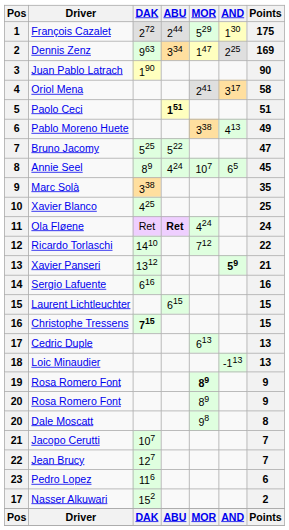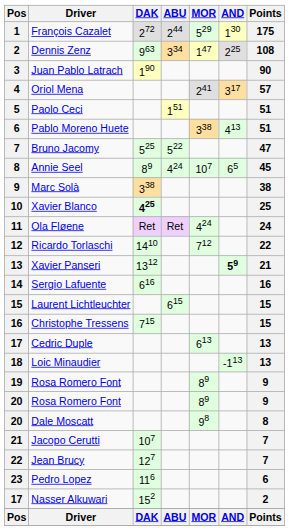 <table class="wikitable" style="font-size: 85%; text-align: center; display: inline-table;">
 <tr valign="top">
 <th valign="middle">Pos</th>
 <th valign="middle">Driver</th>
 <th><a href='#'>DAK</a><br></th>
 <th><a href='#'>ABU</a><br></th>
 <th><a href='#'>MOR</a><br></th>
 <th><a href='#'>AND</a><br></th>
 <th valign="middle">Points</th>
 </tr>
 <tr>
 <th>1</th>
 <td align=left> <a href='#'>François Cazalet</a></td>
 <td style="background:#dfdfdf;">2<sup>72</sup></td>
 <td style="background:#dfdfdf;">2<sup>44</sup></td>
 <td style="background:#dfffdf;">5<sup>29</sup></td>
 <td style="background:#ffffbf;">1<sup>30</sup></td>
 <th>175</th>
 </tr>
 <tr>
 <th>2</th>
 <td align=left> <a href='#'>Dennis Zenz</a></td>
 <td style="background:#dfffdf;">9<sup>63</sup></td>
 <td style="background:#ffdf9f;">3<sup>34</sup></td>
 <td style="background:#ffffbf;">1<sup>47</sup></td>
 <td style="background:#dfdfdf;">2<sup>25</sup></td>
-<th>169</th>
+<th>108</th>
 </tr>
 <tr>
 <th>3</th>
 <td align=left> <a href='#'>Juan Pablo Latrach</a></td>
 <td style="background:#ffffbf;">1<sup>90</sup></td>
 <td></td>
 <td></td>
 <td></td>
 <th>90</th>
 </tr>
 <tr>
 <th>4</th>
 <td align=left> <a href='#'>Oriol Mena</a></td>
 <td></td>
 <td></td>
 <td style="background:#dfdfdf;">2<sup>41</sup></td>
 <td style="background:#ffdf9f;">3<sup>17</sup></td>
-<th>58</th>
+<th>57</th>
 </tr>
 <tr>
 <th>5</th>
 <td align=left> <a href='#'>Paolo Ceci</a></td>
 <td></td>
-<td style="background:#ffffbf;"><strong>1<sup>51</sup></strong></td>
+<td style="background:#ffffbf;">1<sup>51</sup></td>
 <td></td>
 <td></td>
 <th>51</th>
 </tr>
 <tr>
 <th>6</th>
 <td align=left> <a href='#'>Pablo Moreno Huete</a></td>
 <td></td>
 <td></td>
 <td style="background:#ffdf9f;">3<sup>38</sup></td>
 <td style="background:#dfffdf;">4<sup>13</sup></td>
-<th>49</th>
+<th>51</th>
 </tr>
 <tr>
 <th>7</th>
 <td align=left> <a href='#'>Bruno Jacomy</a></td>
 <td style="background:#dfffdf;">5<sup>25</sup></td>
 <td style="background:#dfffdf;">5<sup>22</sup></td>
 <td></td>
 <td></td>
 <th>47</th>
 </tr>
 <tr>
 <th>8</th>
 <td align=left> <a href='#'>Annie Seel</a></td>
 <td style="background:#dfffdf;">8<sup>9</sup></td>
 <td style="background:#dfffdf;">4<sup>24</sup></td>
 <td style="background:#dfffdf;">10<sup>7</sup></td>
 <td style="background:#dfffdf;">6<sup>5</sup></td>
 <th>45</th>
 </tr>
 <tr>
 <th>9</th>
 <td align=left> <a href='#'>Marc Solà</a></td>
 <td style="background:#ffdf9f;">3<sup>38</sup></td>
 <td></td>
 <td></td>
 <td></td>
-<th>35</th>
+<th>38</th>
 </tr>
 <tr>
 <th>10</th>
 <td align=left> <a href='#'>Xavier Blanco</a></td>
-<td style="background:#dfffdf;">4<sup>25</sup></td>
+<td style="background:#dfffdf;"><strong>4<sup>25</sup></strong></td>
 <td></td>
 <td></td>
 <td></td>
 <th>25</th>
 </tr>
 <tr>
 <th>11</th>
 <td align=left> <a href='#'>Ola Fløene</a></td>
 <td style="background:#efcfff;">Ret</td>
-<td style="background:#efcfff;"><strong>Ret</strong></td>
+<td style="background:#efcfff;">Ret</td>
 <td style="background:#dfffdf;">4<sup>24</sup></td>
 <td></td>
 <th>24</th>
 </tr>
 <tr>
 <th>12</th>
 <td align=left> <a href='#'>Ricardo Torlaschi</a></td>
 <td style="background:#dfffdf;">14<sup>10</sup></td>
 <td></td>
 <td style="background:#dfffdf;">7<sup>12</sup></td>
 <td></td>
 <th>22</th>
 </tr>
 <tr>
 <th>13</th>
 <td align=left> <a href='#'>Xavier Panseri</a></td>
 <td style="background:#dfffdf;">13<sup>12</sup></td>
 <td></td>
 <td></td>
 <td style="background:#dfffdf;"><strong>5<sup>9</sup></strong></td>
 <th>21</th>
 </tr>
 <tr>
 <th>14</th>
 <td align=left> <a href='#'>Sergio Lafuente</a></td>
 <td style="background:#dfffdf;">6<sup>16</sup></td>
 <td></td>
 <td></td>
 <td></td>
 <th>16</th>
 </tr>
 <tr>
 <th>15</th>
 <td align=left> <a href='#'>Laurent Lichtleuchter</a></td>
 <td></td>
 <td style="background:#dfffdf;">6<sup>15</sup></td>
 <td></td>
 <td></td>
 <th>15</th>
 </tr>
 <tr>
 <th>16</th>
 <td align=left> <a href='#'>Christophe Tressens</a></td>
-<td style="background:#dfffdf;"><strong>7<sup>15</sup></strong></td>
+<td style="background:#dfffdf;">7<sup>15</sup></td>
 <td></td>
 <td></td>
 <td></td>
 <th>15</th>
 </tr>
 <tr>
 <th>17</th>
 <td align=left> <a href='#'>Cedric Duple</a></td>
 <td></td>
 <td></td>
 <td style="background:#dfffdf;">6<sup>13</sup></td>
 <td></td>
 <th>13</th>
 </tr>
 <tr>
 <th>18</th>
 <td align=left> <a href='#'>Loic Minaudier</a></td>
 <td></td>
 <td></td>
 <td></td>
 <td style="background:#dfffdf;">-1<sup>13</sup></td>
 <th>13</th>
 </tr>
 <tr>
 <th>19</th>
 <td align=left> <a href='#'>Rosa Romero Font</a></td>
 <td></td>
 <td></td>
-<td style="background:#dfffdf;"><strong>8<sup>9</sup></strong></td>
+<td style="background:#dfffdf;">8<sup>9</sup></td>
 <td></td>
 <th>9</th>
 </tr>
 <tr>
 <th>20</th>
 <td align=left> <a href='#'>Rosa Romero Font</a></td>
 <td></td>
 <td></td>
 <td style="background:#dfffdf;">8<sup>9</sup></td>
 <td></td>
 <th>9</th>
 </tr>
 <tr>
 <th>20</th>
 <td align=left> <a href='#'>Dale Moscatt</a></td>
 <td></td>
 <td></td>
 <td style="background:#dfffdf;">9<sup>8</sup></td>
 <td></td>
 <th>8</th>
 </tr>
 <tr>
 <th>21</th>
 <td align=left> <a href='#'>Jacopo Cerutti</a></td>
 <td style="background:#dfffdf;">10<sup>7</sup></td>
 <td></td>
 <td></td>
 <td></td>
 <th>7</th>
 </tr>
 <tr>
 <th>22</th>
 <td align=left> <a href='#'>Jean Brucy</a></td>
 <td style="background:#dfffdf;">12<sup>7</sup></td>
 <td></td>
 <td></td>
 <td></td>
 <th>7</th>
 </tr>
 <tr>
 <th>23</th>
 <td align=left> <a href='#'>Pedro Lopez</a></td>
 <td style="background:#dfffdf;">11<sup>6</sup></td>
 <td></td>
 <td></td>
 <td></td>
 <th>6</th>
 </tr>
 <tr>
 <th>17</th>
 <td align=left> <a href='#'>Nasser Alkuwari</a></td>
 <td style="background:#dfffdf;">15<sup>2</sup></td>
 <td></td>
 <td></td>
 <td></td>
 <th>2</th>
 </tr>
 <tr>
 </tr>
 <tr valign="top">
 <th valign="middle">Pos</th>
 <th valign="middle">Driver</th>
 <th><a href='#'>DAK</a><br></th>
 <th><a href='#'>ABU</a><br></th>
 <th><a href='#'>MOR</a><br></th>
 <th><a href='#'>AND</a><br></th>
 <th valign="middle">Points</th>
 </tr>
 <tr>
 </tr>
 </table>
